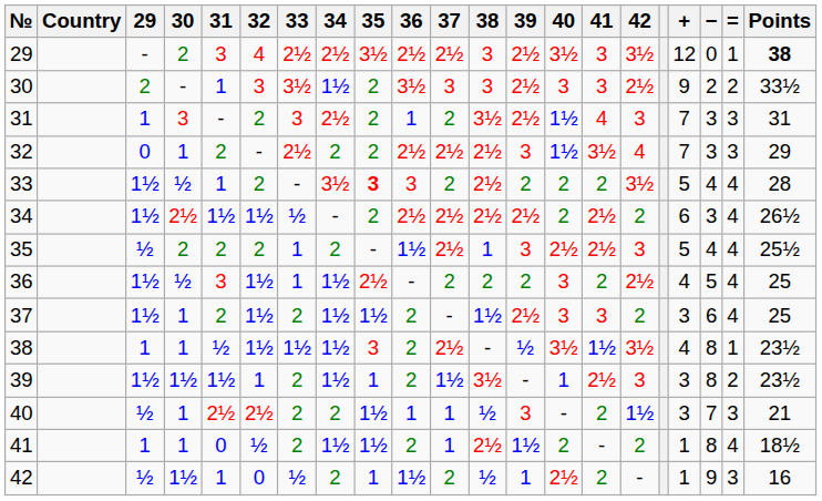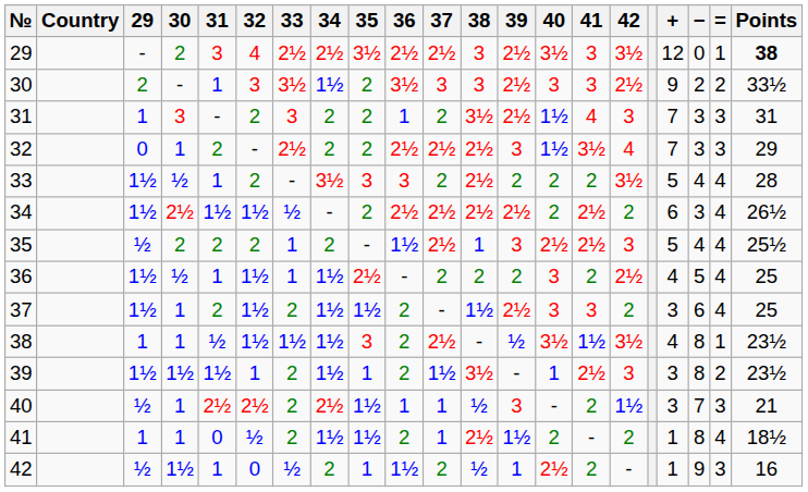 <table class="wikitable" style="text-align:center">
 <tr>
 <th>№</th>
 <th>Country</th>
 <th>29</th>
 <th>30</th>
 <th>31</th>
 <th>32</th>
 <th>33</th>
 <th>34</th>
 <th>35</th>
 <th>36</th>
 <th>37</th>
 <th>38</th>
 <th>39</th>
 <th>40</th>
 <th>41</th>
 <th>42</th>
 <th></th>
 <th>+</th>
 <th>−</th>
 <th>=</th>
 <th>Points</th>
 </tr>
 <tr>
 <td>29</td>
 <td style="text-align: left"></td>
 <td>-</td>
 <td style="color:green;">2</td>
 <td style="color:red;">3</td>
 <td style="color:red;">4</td>
 <td style="color:red;">2½</td>
 <td style="color:red;">2½</td>
 <td style="color:red;">3½</td>
 <td style="color:red;">2½</td>
 <td style="color:red;">2½</td>
 <td style="color:red;">3</td>
 <td style="color:red;">2½</td>
 <td style="color:red;">3½</td>
 <td style="color:red;">3</td>
 <td style="color:red;">3½</td>
 <th></th>
 <td>12</td>
 <td>0</td>
 <td>1</td>
 <td><strong>38 </strong></td>
 </tr>
 <tr>
 <td>30</td>
 <td style="text-align: left"></td>
 <td style="color:green;">2</td>
 <td>-</td>
 <td style="color:blue;">1</td>
 <td style="color:red;">3</td>
 <td style="color:red;">3½</td>
 <td style="color:blue;">1½</td>
 <td style="color:green;">2</td>
 <td style="color:red;">3½</td>
 <td style="color:red;">3</td>
 <td style="color:red;">3</td>
 <td style="color:red;">2½</td>
 <td style="color:red;">3</td>
 <td style="color:red;">3</td>
 <td style="color:red;">2½</td>
 <th></th>
 <td>9</td>
 <td>2</td>
 <td>2</td>
 <td>33½</td>
 </tr>
 <tr>
 <td>31</td>
 <td style="text-align: left"></td>
 <td style="color:blue;">1</td>
 <td style="color:red;">3</td>
 <td>-</td>
 <td style="color:green;">2</td>
 <td style="color:red;">3</td>
-<td style="color:red;">2½</td>
+<td style="color:green;">2</td>
 <td style="color:green;">2</td>
 <td style="color:blue;">1</td>
 <td style="color:green;">2</td>
 <td style="color:red;">3½</td>
 <td style="color:red;">2½</td>
 <td style="color:blue;">1½</td>
 <td style="color:red;">4</td>
 <td style="color:red;">3</td>
 <th></th>
 <td>7</td>
 <td>3</td>
 <td>3</td>
 <td>31</td>
 </tr>
 <tr>
 <td>32</td>
 <td style="text-align: left"></td>
 <td style="color:blue;">0</td>
 <td style="color:blue;">1</td>
 <td style="color:green;">2</td>
 <td>-</td>
 <td style="color:red;">2½</td>
 <td style="color:green;">2</td>
 <td style="color:green;">2</td>
 <td style="color:red;">2½</td>
 <td style="color:red;">2½</td>
 <td style="color:red;">2½</td>
 <td style="color:red;">3</td>
 <td style="color:blue;">1½</td>
 <td style="color:red;">3½</td>
 <td style="color:red;">4</td>
 <th></th>
 <td>7</td>
 <td>3</td>
 <td>3</td>
 <td>29</td>
 </tr>
 <tr>
 <td>33</td>
 <td style="text-align: left"></td>
 <td style="color:blue;">1½</td>
 <td style="color:blue;">½</td>
 <td style="color:blue;">1</td>
 <td style="color:green;">2</td>
 <td>-</td>
 <td style="color:red;">3½</td>
-<td style="color:red;"><strong>3</strong></td>
+<td style="color:red;">3</td>
 <td style="color:red;">3</td>
 <td style="color:green;">2</td>
 <td style="color:red;">2½</td>
 <td style="color:green;">2</td>
 <td style="color:green;">2</td>
 <td style="color:green;">2</td>
 <td style="color:red;">3½</td>
 <th></th>
 <td>5</td>
 <td>4</td>
 <td>4</td>
 <td>28</td>
 </tr>
 <tr>
 <td>34</td>
 <td style="text-align: left"></td>
 <td style="color:blue;">1½</td>
 <td style="color:red;">2½</td>
 <td style="color:blue;">1½</td>
 <td style="color:blue;">1½</td>
 <td style="color:blue;">½</td>
 <td>-</td>
 <td style="color:green;">2</td>
 <td style="color:red;">2½</td>
 <td style="color:red;">2½</td>
 <td style="color:red;">2½</td>
 <td style="color:red;">2½</td>
 <td style="color:green;">2</td>
 <td style="color:red;">2½</td>
 <td style="color:green;">2</td>
 <th></th>
 <td>6</td>
 <td>3</td>
 <td>4</td>
 <td>26½</td>
 </tr>
 <tr>
 <td>35</td>
 <td style="text-align: left"></td>
 <td style="color:blue;">½</td>
 <td style="color:green;">2</td>
 <td style="color:green;">2</td>
 <td style="color:green;">2</td>
 <td style="color:blue;">1</td>
 <td style="color:green;">2</td>
 <td>-</td>
 <td style="color:blue;">1½</td>
 <td style="color:red;">2½</td>
 <td style="color:blue;">1</td>
 <td style="color:red;">3</td>
 <td style="color:red;">2½</td>
 <td style="color:red;">2½</td>
 <td style="color:red;">3</td>
 <th></th>
 <td>5</td>
 <td>4</td>
 <td>4</td>
 <td>25½</td>
 </tr>
 <tr>
 <td>36</td>
 <td style="text-align: left"></td>
 <td style="color:blue;">1½</td>
 <td style="color:blue;">½</td>
-<td style="color:red;">3</td>
+<td style="color:blue;">1</td>
 <td style="color:blue;">1½</td>
 <td style="color:blue;">1</td>
 <td style="color:blue;">1½</td>
 <td style="color:red;">2½</td>
 <td>-</td>
 <td style="color:green;">2</td>
 <td style="color:green;">2</td>
 <td style="color:green;">2</td>
 <td style="color:red;">3</td>
 <td style="color:green;">2</td>
 <td style="color:red;">2½</td>
 <th></th>
 <td>4</td>
 <td>5</td>
 <td>4</td>
 <td>25</td>
 </tr>
 <tr>
 <td>37</td>
 <td style="text-align: left"></td>
 <td style="color:blue;">1½</td>
 <td style="color:blue;">1</td>
 <td style="color:green;">2</td>
 <td style="color:blue;">1½</td>
 <td style="color:green;">2</td>
 <td style="color:blue;">1½</td>
 <td style="color:blue;">1½</td>
 <td style="color:green;">2</td>
 <td>-</td>
 <td style="color:blue;">1½</td>
 <td style="color:red;">2½</td>
 <td style="color:red;">3</td>
 <td style="color:red;">3</td>
 <td style="color:green;">2</td>
 <th></th>
 <td>3</td>
 <td>6</td>
 <td>4</td>
 <td>25</td>
 </tr>
 <tr>
 <td>38</td>
 <td style="text-align: left"></td>
 <td style="color:blue;">1</td>
 <td style="color:blue;">1</td>
 <td style="color:blue;">½</td>
 <td style="color:blue;">1½</td>
 <td style="color:blue;">1½</td>
 <td style="color:blue;">1½</td>
 <td style="color:red;">3</td>
 <td style="color:green;">2</td>
 <td style="color:red;">2½</td>
 <td>-</td>
 <td style="color:blue;">½</td>
 <td style="color:red;">3½</td>
 <td style="color:blue;">1½</td>
 <td style="color:red;">3½</td>
 <th></th>
 <td>4</td>
 <td>8</td>
 <td>1</td>
 <td>23½</td>
 </tr>
 <tr>
 <td>39</td>
 <td style="text-align: left"></td>
 <td style="color:blue;">1½</td>
 <td style="color:blue;">1½</td>
 <td style="color:blue;">1½</td>
 <td style="color:blue;">1</td>
 <td style="color:green;">2</td>
 <td style="color:blue;">1½</td>
 <td style="color:blue;">1</td>
 <td style="color:green;">2</td>
 <td style="color:blue;">1½</td>
 <td style="color:red;">3½</td>
 <td>-</td>
 <td style="color:blue;">1</td>
 <td style="color:red;">2½</td>
 <td style="color:red;">3</td>
 <th></th>
 <td>3</td>
 <td>8</td>
 <td>2</td>
 <td>23½</td>
 </tr>
 <tr>
 <td>40</td>
 <td style="text-align: left"></td>
 <td style="color:blue;">½</td>
 <td style="color:blue;">1</td>
 <td style="color:red;">2½</td>
 <td style="color:red;">2½</td>
 <td style="color:green;">2</td>
-<td style="color:green;">2</td>
+<td style="color:red;">2½</td>
 <td style="color:blue;">1½</td>
 <td style="color:blue;">1</td>
 <td style="color:blue;">1</td>
 <td style="color:blue;">½</td>
 <td style="color:red;">3</td>
 <td>-</td>
 <td style="color:green;">2</td>
 <td style="color:blue;">1½</td>
 <th></th>
 <td>3</td>
 <td>7</td>
 <td>3</td>
 <td>21</td>
 </tr>
 <tr>
 <td>41</td>
 <td style="text-align: left"></td>
 <td style="color:blue;">1</td>
 <td style="color:blue;">1</td>
 <td style="color:blue;">0</td>
 <td style="color:blue;">½</td>
 <td style="color:green;">2</td>
 <td style="color:blue;">1½</td>
 <td style="color:blue;">1½</td>
 <td style="color:green;">2</td>
 <td style="color:blue;">1</td>
 <td style="color:red;">2½</td>
 <td style="color:blue;">1½</td>
 <td style="color:green;">2</td>
 <td>-</td>
 <td style="color:green;">2</td>
 <th></th>
 <td>1</td>
 <td>8</td>
 <td>4</td>
 <td>18½</td>
 </tr>
 <tr>
 <td>42</td>
 <td style="text-align: left"></td>
 <td style="color:blue;">½</td>
 <td style="color:blue;">1½</td>
 <td style="color:blue;">1</td>
 <td style="color:blue;">0</td>
 <td style="color:blue;">½</td>
 <td style="color:green;">2</td>
 <td style="color:blue;">1</td>
 <td style="color:blue;">1½</td>
 <td style="color:green;">2</td>
 <td style="color:blue;">½</td>
 <td style="color:blue;">1</td>
 <td style="color:red;">2½</td>
 <td style="color:green;">2</td>
 <td>-</td>
 <th></th>
 <td>1</td>
 <td>9</td>
 <td>3</td>
 <td>16</td>
 </tr>
 </table>
